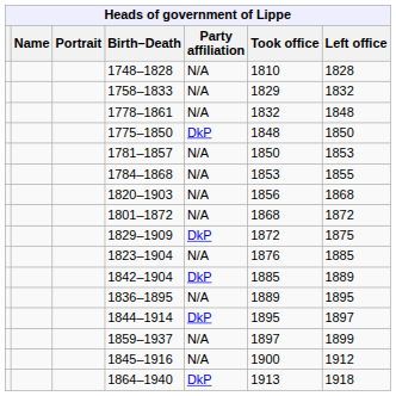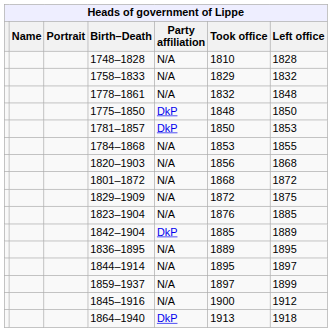 <table class="wikitable" text-align:center;">
 <tr>
 <th colspan="8" style="background:#eef; text-align:center;">Heads of government of Lippe</th>
 </tr>
 <tr style="background:#eef;">
 <th></th>
 <th>Name</th>
 <th>Portrait</th>
 <th>Birth–Death</th>
 <th>Party<br>affiliation</th>
 <th>Took office</th>
 <th>Left office</th>
 </tr>
 <tr>
 <td></td>
 <td></td>
 <td></td>
 <td>1748–1828</td>
 <td>N/A</td>
 <td>1810</td>
 <td>1828</td>
 </tr>
 <tr>
 <td></td>
 <td></td>
 <td></td>
 <td>1758–1833</td>
 <td>N/A</td>
 <td>1829</td>
 <td>1832</td>
 </tr>
 <tr>
 <td></td>
 <td></td>
 <td></td>
 <td>1778–1861</td>
 <td>N/A</td>
 <td>1832</td>
 <td>1848</td>
 </tr>
 <tr>
 <td></td>
 <td></td>
 <td></td>
 <td>1775–1850</td>
 <td><a href='#'>DkP</a></td>
 <td>1848</td>
 <td>1850</td>
 </tr>
 <tr>
 <td></td>
 <td></td>
 <td></td>
 <td>1781–1857</td>
-<td>N/A</td>
+<td><a href='#'>DkP</a></td>
 <td>1850</td>
 <td>1853</td>
 </tr>
 <tr>
 <td></td>
 <td></td>
 <td></td>
 <td>1784–1868</td>
 <td>N/A</td>
 <td>1853</td>
 <td>1855</td>
 </tr>
 <tr>
 <td></td>
 <td></td>
 <td></td>
 <td>1820–1903</td>
 <td>N/A</td>
 <td>1856</td>
 <td>1868</td>
 </tr>
 <tr>
 <td></td>
 <td></td>
 <td></td>
 <td>1801–1872</td>
 <td>N/A</td>
 <td>1868</td>
 <td>1872</td>
 </tr>
 <tr>
 <td></td>
 <td></td>
 <td></td>
 <td>1829–1909</td>
-<td><a href='#'>DkP</a></td>
+<td>N/A</td>
 <td>1872</td>
 <td>1875</td>
 </tr>
 <tr>
 <td></td>
 <td></td>
 <td></td>
 <td>1823–1904</td>
 <td>N/A</td>
 <td>1876</td>
 <td>1885</td>
 </tr>
 <tr>
 <td></td>
 <td></td>
 <td></td>
 <td>1842–1904</td>
 <td><a href='#'>DkP</a></td>
 <td>1885</td>
 <td>1889</td>
 </tr>
 <tr>
 <td></td>
 <td></td>
 <td></td>
 <td>1836–1895</td>
 <td>N/A</td>
 <td>1889</td>
 <td>1895</td>
 </tr>
 <tr>
 <td></td>
 <td></td>
 <td></td>
 <td>1844–1914</td>
-<td><a href='#'>DkP</a></td>
+<td>N/A</td>
 <td>1895</td>
 <td>1897</td>
 </tr>
 <tr>
 <td></td>
 <td></td>
 <td></td>
 <td>1859–1937</td>
 <td>N/A</td>
 <td>1897</td>
 <td>1899</td>
 </tr>
 <tr>
 <td></td>
 <td></td>
 <td></td>
 <td>1845–1916</td>
 <td>N/A</td>
 <td>1900</td>
 <td>1912</td>
 </tr>
 <tr>
 <td></td>
 <td></td>
 <td></td>
 <td>1864–1940</td>
 <td><a href='#'>DkP</a></td>
 <td>1913</td>
 <td>1918</td>
 </tr>
 </table>
